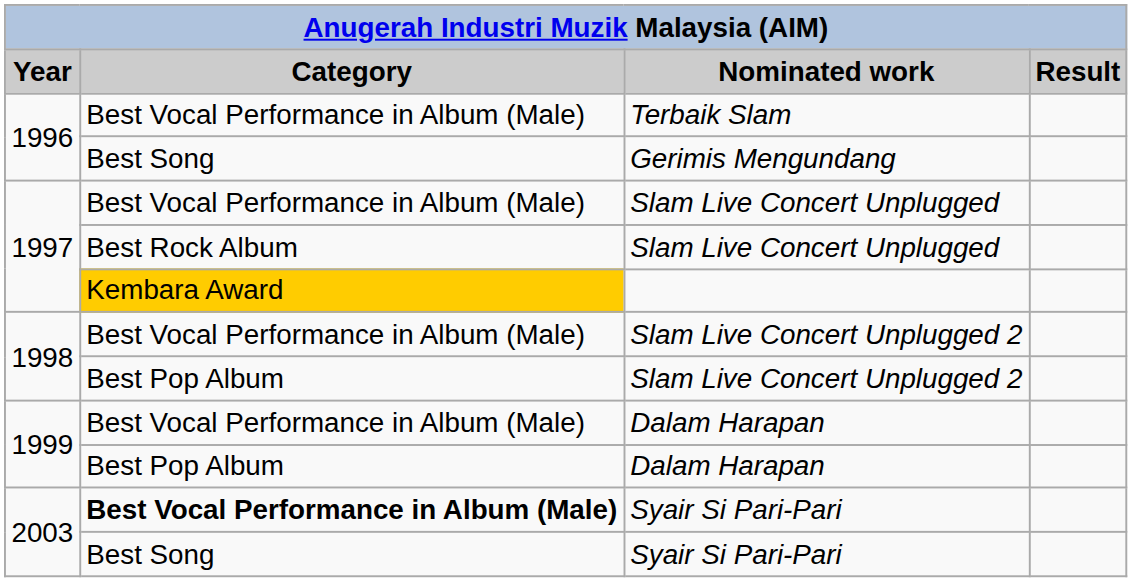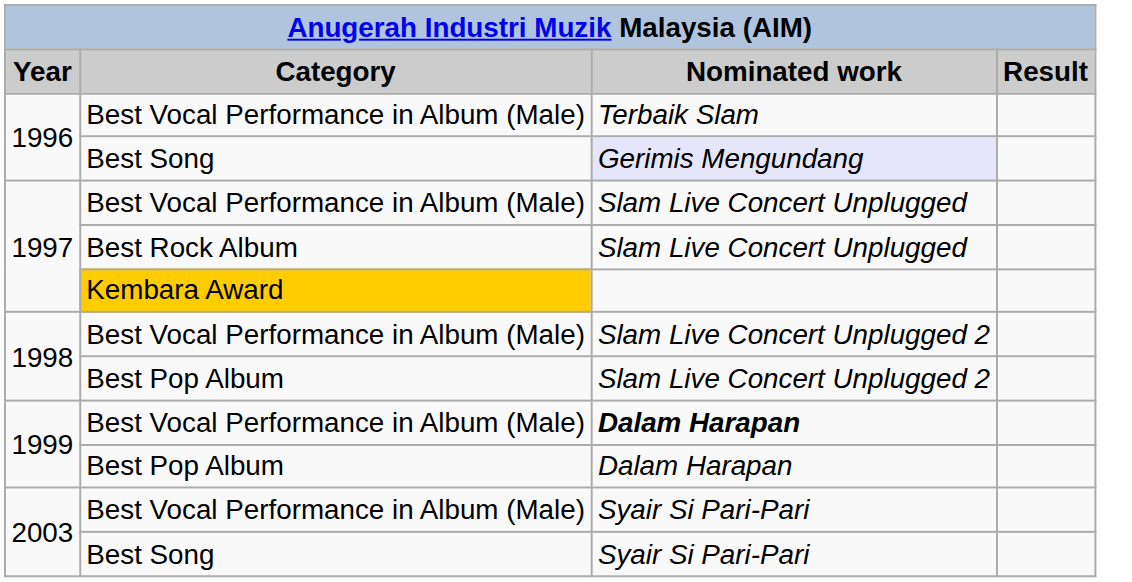 <table class="wikitable" style="font-size:90%;">
 <tr>
 <th colspan=6 style="background:#B0C4DE;"><a href='#'>Anugerah Industri Muzik</a> Malaysia (AIM)</th>
 </tr>
 <tr align="center">
 <th style="background: #CCCCCC;">Year</th>
 <th style="background: #CCCCCC;">Category</th>
 <th style="background: #CCCCCC;">Nominated work</th>
 <th style="background: #CCCCCC;">Result</th>
 </tr>
 <tr>
 <td rowspan="2">1996</td>
 <td>Best Vocal Performance in Album (Male)</td>
 <td><em>Terbaik Slam</em></td>
 <td></td>
 </tr>
 <tr>
 <td>Best Song</td>
-<td><em>Gerimis Mengundang</em></td>
+<td style="background: lavender;"><em>Gerimis Mengundang</em></td>
 <td></td>
 </tr>
 <tr>
 <td rowspan="3">1997</td>
 <td>Best Vocal Performance in Album (Male)</td>
 <td><em>Slam Live Concert Unplugged</em></td>
 <td></td>
 </tr>
 <tr>
 <td>Best Rock Album</td>
 <td><em>Slam Live Concert Unplugged</em></td>
 <td></td>
 </tr>
 <tr>
 <td style="background:#fc0;">Kembara Award</td>
 <td></td>
 <td></td>
 </tr>
 <tr>
 <td rowspan="2">1998</td>
 <td>Best Vocal Performance in Album (Male)</td>
 <td><em>Slam Live Concert Unplugged 2</em></td>
 <td></td>
 </tr>
 <tr>
 <td>Best Pop Album</td>
 <td><em>Slam Live Concert Unplugged 2</em></td>
 <td></td>
 </tr>
 <tr>
 <td rowspan="2">1999</td>
 <td>Best Vocal Performance in Album (Male)</td>
-<td><em>Dalam Harapan</em></td>
+<td><strong><em>Dalam Harapan</em></strong></td>
 <td></td>
 </tr>
 <tr>
 <td>Best Pop Album</td>
 <td><em>Dalam Harapan</em></td>
 <td></td>
 </tr>
 <tr>
 <td rowspan="2">2003</td>
-<td><strong>Best Vocal Performance in Album (Male)</strong></td>
+<td>Best Vocal Performance in Album (Male)</td>
 <td><em>Syair Si Pari-Pari</em></td>
 <td></td>
 </tr>
 <tr>
 <td>Best Song</td>
 <td><em>Syair Si Pari-Pari</em></td>
 <td></td>
 </tr>
 </table>
